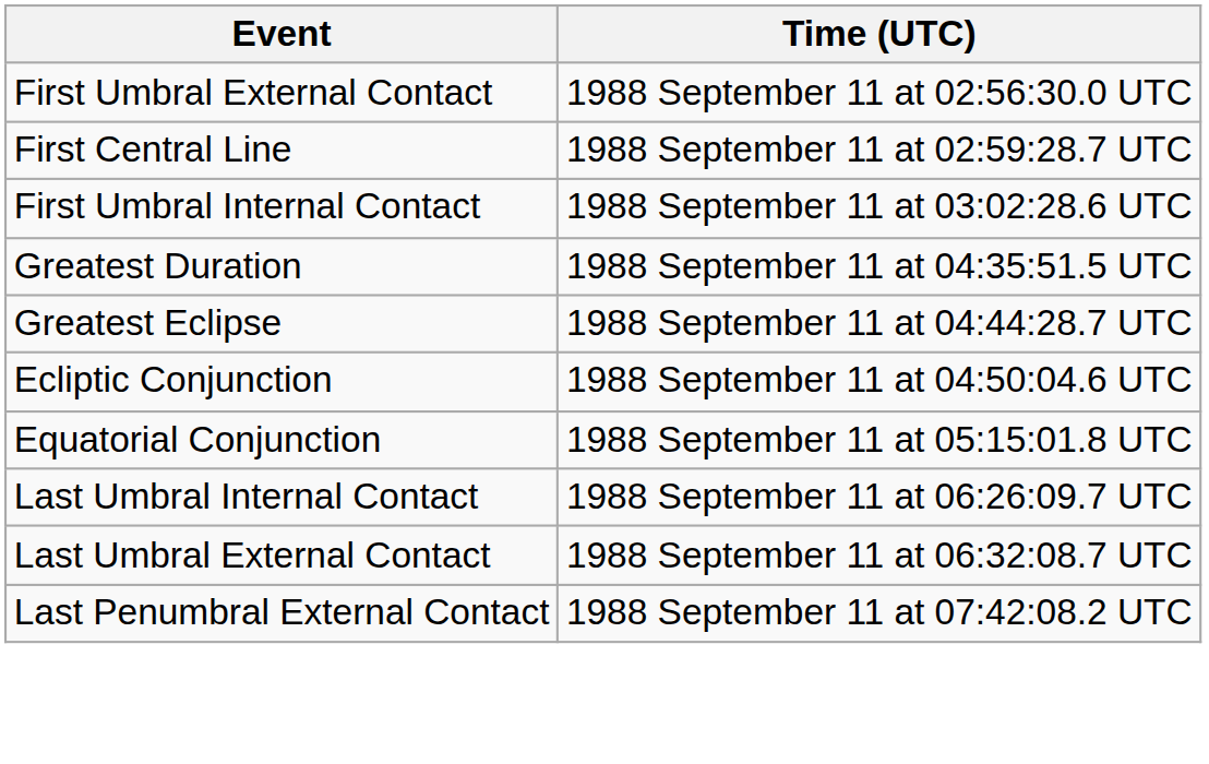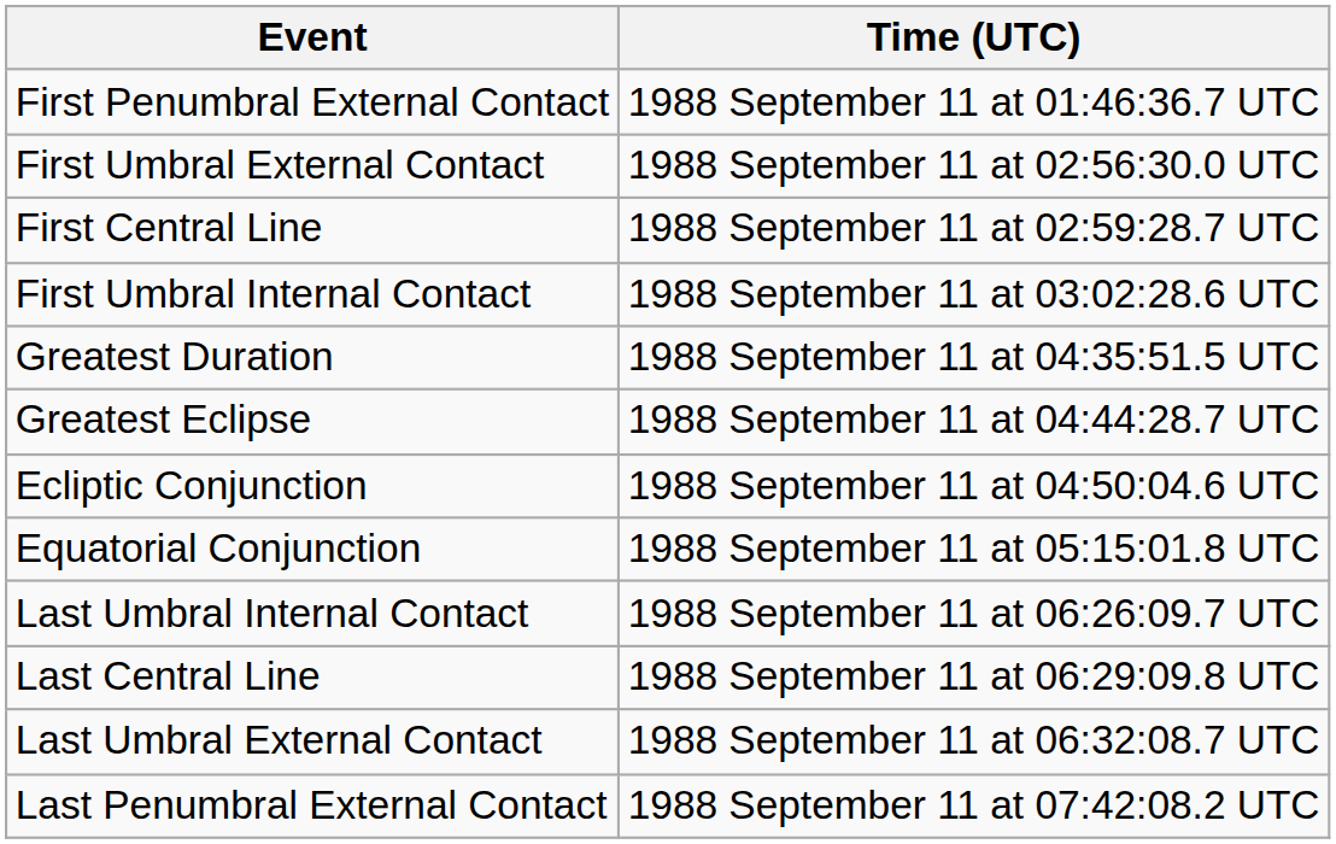 <table class="wikitable">
 <tr>
 <th>Event</th>
 <th>Time (UTC)</th>
+</tr>
+<tr>
+<td>First Penumbral External Contact</td>
+<td>1988 September 11 at 01:46:36.7 UTC</td>
 </tr>
 <tr>
 <td>First Umbral External Contact</td>
 <td>1988 September 11 at 02:56:30.0 UTC</td>
 </tr>
 <tr>
 <td>First Central Line</td>
 <td>1988 September 11 at 02:59:28.7 UTC</td>
 </tr>
 <tr>
 <td>First Umbral Internal Contact</td>
 <td>1988 September 11 at 03:02:28.6 UTC</td>
 </tr>
 <tr>
 <td>Greatest Duration</td>
 <td>1988 September 11 at 04:35:51.5 UTC</td>
 </tr>
 <tr>
 <td>Greatest Eclipse</td>
 <td>1988 September 11 at 04:44:28.7 UTC</td>
 </tr>
 <tr>
 <td>Ecliptic Conjunction</td>
 <td>1988 September 11 at 04:50:04.6 UTC</td>
 </tr>
 <tr>
 <td>Equatorial Conjunction</td>
 <td>1988 September 11 at 05:15:01.8 UTC</td>
 </tr>
 <tr>
 <td>Last Umbral Internal Contact</td>
 <td>1988 September 11 at 06:26:09.7 UTC</td>
 </tr>
 <tr>
+<td>Last Central Line</td>
+<td>1988 September 11 at 06:29:09.8 UTC</td>
+</tr>
+<tr>
 <td>Last Umbral External Contact</td>
 <td>1988 September 11 at 06:32:08.7 UTC</td>
 </tr>
 <tr>
 <td>Last Penumbral External Contact</td>
 <td>1988 September 11 at 07:42:08.2 UTC</td>
 </tr>
 </table>
